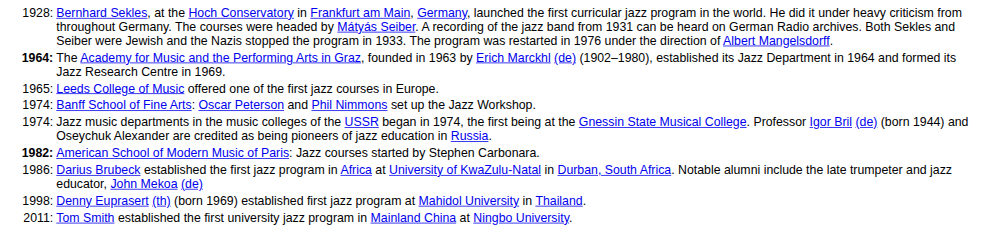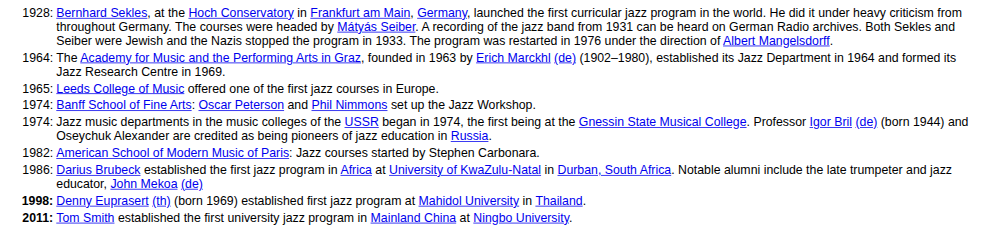 <table valign="top"; border="0" cellpadding="1" style="color:black; background-color: #FFFFFF">
 <tr valign="top">
 <td width="5%" style="text-align:right">1928:</td>
 <td width="95%" style="text-align:left"><a href='#'>Bernhard Sekles</a>, at the <a href='#'>Hoch Conservatory</a> in <a href='#'>Frankfurt am Main</a>, <a href='#'>Germany</a>, launched the first curricular jazz program in the world.  He did it under heavy criticism from throughout Germany. The courses were headed by <a href='#'>Mátyás Seiber</a>. A recording of the jazz band from 1931 can be heard on German Radio archives. Both Sekles and Seiber were Jewish and the Nazis stopped the program in 1933. The program was restarted in 1976 under the direction of <a href='#'>Albert Mangelsdorff</a>.</td>
 </tr>
 <tr valign="top">
-<td width="5%" style="text-align:right"><strong>1964:</strong></td>
+<td width="5%" style="text-align:right">1964:</td>
 <td width="95%" style="text-align:left">The <a href='#'>Academy for Music and the Performing Arts in Graz</a>, founded in 1963 by <a href='#'>Erich Marckhl</a> <a href='#'>(de)</a> (1902–1980), established its Jazz Department in 1964 and formed its Jazz Research Centre in 1969.</td>
 </tr>
 <tr valign="top">
 <td width="5%" style="text-align:right">1965:</td>
 <td width="95%" style="text-align:left"><a href='#'>Leeds College of Music</a> offered one of the first jazz courses in Europe.</td>
 </tr>
 <tr valign="top">
 <td width="5%" style="text-align:right">1974:</td>
 <td width="95%" style="text-align:left"><a href='#'>Banff School of Fine Arts</a>: <a href='#'>Oscar Peterson</a> and <a href='#'>Phil Nimmons</a> set up the Jazz Workshop.</td>
 </tr>
 <tr valign="top">
 <td width="5%" style="text-align:right">1974:</td>
 <td width="95%" style="text-align:left">Jazz music departments in the music colleges of the <a href='#'>USSR</a> began in 1974, the first being at the <a href='#'>Gnessin State Musical College</a>.  Professor <a href='#'>Igor Bril</a> <a href='#'>(de)</a> (born 1944) and Oseychuk Alexander are credited as being pioneers of jazz education in <a href='#'>Russia</a>.</td>
 </tr>
 <tr valign="top">
-<td width="5%" style="text-align:right"><strong>1982:</strong></td>
+<td width="5%" style="text-align:right">1982:</td>
 <td width="95%" style="text-align:left"><a href='#'>American School of Modern Music of Paris</a>: Jazz courses started by Stephen Carbonara.</td>
 </tr>
 <tr valign="top">
 <td width="5%" style="text-align:right">1986:</td>
 <td width="95%" style="text-align:left"><a href='#'>Darius Brubeck</a> established the first jazz program in <a href='#'>Africa</a> at <a href='#'>University of KwaZulu-Natal</a> in <a href='#'>Durban, South Africa</a>. Notable alumni include the late trumpeter and jazz educator, <a href='#'>John Mekoa</a> <a href='#'>(de)</a></td>
 </tr>
 <tr valign="top">
-<td width="5%" style="text-align:right">1998:</td>
+<td width="5%" style="text-align:right"><strong>1998:</strong></td>
 <td width="95%" style="text-align:left"><a href='#'>Denny Euprasert</a> <a href='#'>(th)</a> (born 1969) established first jazz program at <a href='#'>Mahidol University</a> in <a href='#'>Thailand</a>.</td>
 </tr>
 <tr valign="top">
-<td width="5%" style="text-align:right">2011:</td>
+<td width="5%" style="text-align:right"><strong>2011:</strong></td>
 <td width="95%" style="text-align:left"><a href='#'>Tom Smith</a> established the first university jazz program in <a href='#'>Mainland China</a> at <a href='#'>Ningbo University</a>.</td>
 </tr>
 </table>
